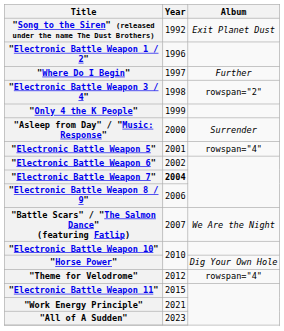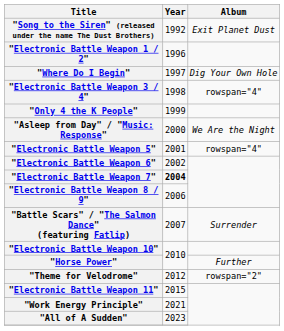 <table class="wikitable plainrowheaders" style="text-align:center;" border="1">
 <tr>
 <th scope="col" style="width:18em;">Title</th>
 <th scope="col">Year</th>
 <th scope="col">Album</th>
 </tr>
 <tr>
 <th scope="row">"<a href='#'>Song to the Siren</a>" <small>(released under the name The Dust Brothers)</small></th>
 <td>1992</td>
 <td><em>Exit Planet Dust</em></td>
 </tr>
 <tr>
 <th scope="row">"<a href='#'>Electronic Battle Weapon 1 / 2</a>"</th>
 <td>1996</td>
 <td></td>
 </tr>
 <tr>
 <th scope="row">"<a href='#'>Where Do I Begin</a>"</th>
 <td>1997</td>
-<td><em>Further</em></td>
+<td><em>Dig Your Own Hole</em></td>
 </tr>
 <tr>
 <th scope="row">"<a href='#'>Electronic Battle Weapon 3 / 4</a>"</th>
 <td>1998</td>
-<td>rowspan="2" </td>
+<td>rowspan="4" </td>
 </tr>
 <tr>
 <th scope="row">"<a href='#'>Only 4 the K People</a>"</th>
 <td>1999</td>
 </tr>
 <tr>
 <th scope="row">"Asleep from Day" / "<a href='#'>Music: Response</a>"</th>
 <td>2000</td>
-<td><em>Surrender</em></td>
+<td><em>We Are the Night</em></td>
 </tr>
 <tr>
 <th scope="row">"<a href='#'>Electronic Battle Weapon 5</a>"</th>
 <td>2001</td>
 <td>rowspan="4" </td>
 </tr>
 <tr>
 <th scope="row">"<a href='#'>Electronic Battle Weapon 6</a>"</th>
 <td>2002</td>
 </tr>
 <tr>
 <th scope="row">"<a href='#'>Electronic Battle Weapon 7</a>"</th>
 <td><strong>2004</strong></td>
 </tr>
 <tr>
 <th scope="row">"<a href='#'>Electronic Battle Weapon 8 / 9</a>"</th>
 <td>2006</td>
 </tr>
 <tr>
 <th scope="row">"Battle Scars" / "<a href='#'>The Salmon Dance</a>"<br><span>(featuring <a href='#'>Fatlip</a>)</span></th>
 <td>2007</td>
-<td><em>We Are the Night</em></td>
+<td><em>Surrender</em></td>
 </tr>
 <tr>
 <th scope="row">"<a href='#'>Electronic Battle Weapon 10</a>"</th>
 <td rowspan="2">2010</td>
 <td></td>
 </tr>
 <tr>
 <th scope="row">"<a href='#'>Horse Power</a>"</th>
-<td><em>Dig Your Own Hole</em></td>
+<td><em>Further</em></td>
 </tr>
 <tr>
 <th scope="row">"Theme for Velodrome"</th>
 <td>2012</td>
-<td>rowspan="4" </td>
+<td>rowspan="2" </td>
 </tr>
 <tr>
 <th scope="row">"<a href='#'>Electronic Battle Weapon 11</a>"</th>
 <td>2015</td>
 </tr>
 <tr>
 <th scope="row">"Work Energy Principle"</th>
 <td>2021</td>
 </tr>
 <tr>
 <th scope="row">"All of A Sudden"</th>
 <td>2023</td>
 </tr>
 <tr>
 </tr>
 </table>
